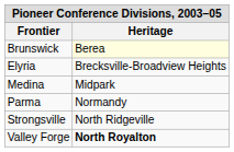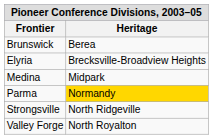 <table class="wikitable">
 <tr style="background:#ccf;">
 <th colspan="6" style="background:#ddd;">Pioneer Conference Divisions, 2003–05</th>
 </tr>
 <tr>
 <th>Frontier</th>
 <th>Heritage</th>
 </tr>
 <tr>
 <td>Brunswick</td>
-<td style="background: lightyellow;">Berea</td>
+<td>Berea</td>
 </tr>
 <tr>
 <td>Elyria</td>
 <td>Brecksville-Broadview Heights</td>
 </tr>
 <tr>
 <td>Medina</td>
 <td>Midpark</td>
 </tr>
 <tr>
 <td>Parma</td>
-<td>Normandy</td>
+<td style="background: gold;">Normandy</td>
 </tr>
 <tr>
 <td>Strongsville</td>
 <td>North Ridgeville</td>
 </tr>
 <tr>
 <td>Valley Forge</td>
-<td><strong>North Royalton</strong></td>
+<td>North Royalton</td>
 </tr>
 </table>
